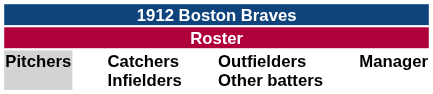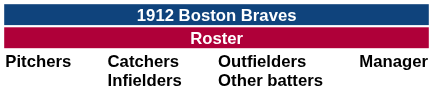 <table class="toccolours" style="font-size: 95%;">
 <tr>
 <th colspan="10" style="background-color: #0f437c; color: white; text-align: center;">1912 Boston Braves</th>
 </tr>
 <tr>
 <td colspan="10" style="background-color: #af0039; color: white; text-align: center;"><strong>Roster</strong></td>
 </tr>
 <tr>
-<td valign="top" style="background: lightgrey;"><strong>Pitchers</strong><br>             </td>
+<td valign="top"><strong>Pitchers</strong><br>             </td>
 <td width="25px"></td>
 <td valign="top"><strong>Catchers</strong><br>     <strong>Infielders</strong>           </td>
 <td width="25px"></td>
 <td valign="top"><strong>Outfielders</strong><br>      <strong>Other batters</strong> </td>
 <td width="25px"></td>
 <td valign="top"><strong>Manager</strong><br></td>
 </tr>
 </table>
